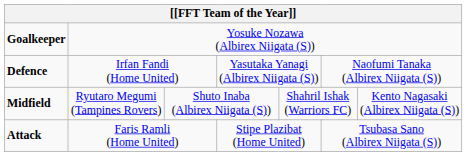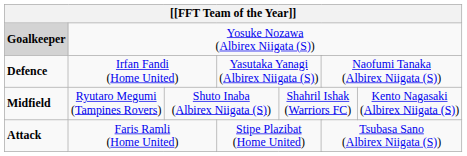 <table class="wikitable">
 <tr>
 <th colspan="13">[[FFT Team of the Year]]</th>
 </tr>
 <tr>
-<td><strong>Goalkeeper</strong></td>
+<td style="background: lightgrey;"><strong>Goalkeeper</strong></td>
 <td colspan="12" align="center"> <a href='#'>Yosuke Nozawa</a> <br> (<a href='#'>Albirex Niigata (S)</a>)</td>
 </tr>
 <tr>
 <td><strong>Defence</strong></td>
 <td colspan="4" align="center"> <a href='#'>Irfan Fandi</a> <br> (<a href='#'>Home United</a>)</td>
 <td colspan="4" align="center"> <a href='#'>Yasutaka Yanagi</a> <br> (<a href='#'>Albirex Niigata (S)</a>)</td>
 <td colspan="4" align="center"> <a href='#'>Naofumi Tanaka</a> <br> (<a href='#'>Albirex Niigata (S)</a>)</td>
 </tr>
 <tr>
 <td><strong>Midfield</strong></td>
 <td colspan="3" align="center"> <a href='#'>Ryutaro Megumi</a> <br> (<a href='#'>Tampines Rovers</a>)</td>
 <td colspan="3" align="center"> <a href='#'>Shuto Inaba</a> <br> (<a href='#'>Albirex Niigata (S)</a>)</td>
 <td colspan="3" align="center"> <a href='#'>Shahril Ishak</a> <br> (<a href='#'>Warriors FC</a>)</td>
 <td colspan="3" align="center"> <a href='#'>Kento Nagasaki</a> <br> (<a href='#'>Albirex Niigata (S)</a>)</td>
 </tr>
 <tr>
 <td><strong>Attack</strong></td>
 <td colspan="4" align="center"> <a href='#'>Faris Ramli</a> <br> (<a href='#'>Home United</a>)</td>
 <td colspan="4" align="center"> <a href='#'>Stipe Plazibat</a> <br> (<a href='#'>Home United</a>)</td>
 <td colspan="4" align="center"> <a href='#'>Tsubasa Sano</a> <br> (<a href='#'>Albirex Niigata (S)</a>)</td>
 </tr>
 </table>
